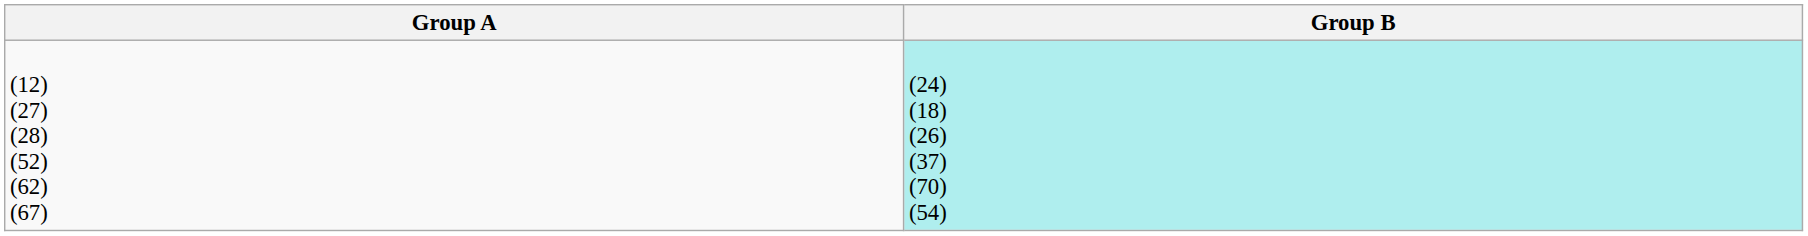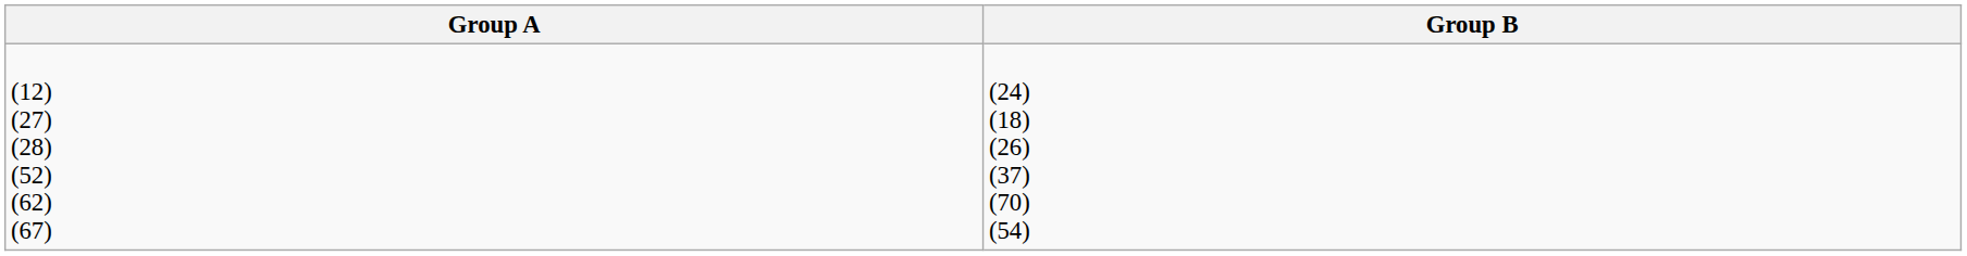 <table class="wikitable" width=80%>
 <tr>
 <th width=25%>Group A</th>
 <th width=25%>Group B</th>
 </tr>
 <tr>
 <td><br> (12)<br>  (27)<br>  (28)<br>  (52)<br>  (62)<br>  (67)</td>
-<td style="background: paleturquoise;"><br> (24)<br>  (18)<br>  (26)<br>  (37)<br>  (70)<br>  (54)</td>
+<td><br> (24)<br>  (18)<br>  (26)<br>  (37)<br>  (70)<br>  (54)</td>
 </tr>
 </table>
